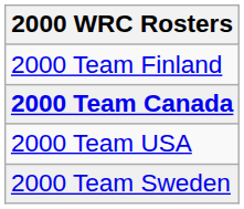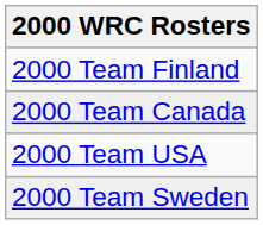 <table class=wikitable style="text-align:left;">
 <tr>
 <th>2000 WRC Rosters</th>
 </tr>
 <tr>
 <td> <a href='#'>2000 Team Finland</a></td>
 </tr>
 <tr bgcolor="#f0f0f0">
-<td><strong> <a href='#'>2000 Team Canada</a></strong></td>
+<td> <a href='#'>2000 Team Canada</a></td>
 </tr>
 <tr>
 <td> <a href='#'>2000 Team USA</a></td>
 </tr>
 <tr bgcolor="#f0f0f0">
 <td> <a href='#'>2000 Team Sweden</a></td>
 </tr>
 </table>
